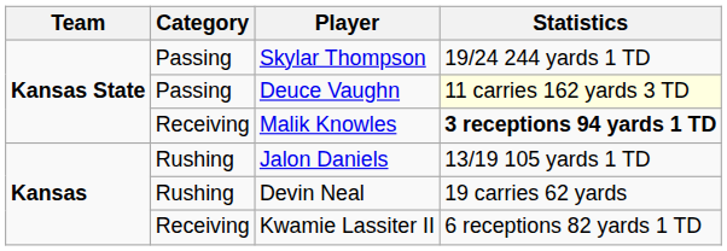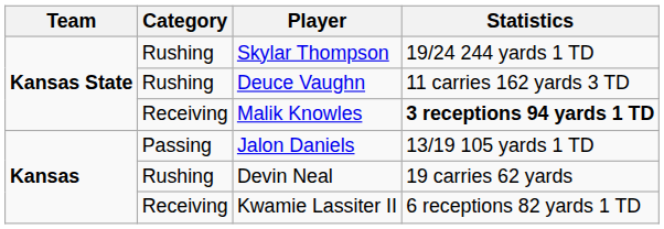 <table class="wikitable" style="float: right;">
 <tr>
 <th>Team</th>
 <th>Category</th>
 <th>Player</th>
 <th>Statistics</th>
 </tr>
 <tr>
 <td rowspan=3><strong>Kansas State</strong></td>
-<td>Passing</td>
+<td>Rushing</td>
 <td><a href='#'>Skylar Thompson</a></td>
 <td>19/24 244 yards 1 TD</td>
 </tr>
 <tr>
-<td>Passing</td>
+<td>Rushing</td>
 <td><a href='#'>Deuce Vaughn</a></td>
-<td style="background: lightyellow;">11 carries 162 yards 3 TD</td>
+<td>11 carries 162 yards 3 TD</td>
 </tr>
 <tr>
 <td>Receiving</td>
 <td><a href='#'>Malik Knowles</a></td>
 <td><strong>3 receptions 94 yards 1 TD</strong></td>
 </tr>
 <tr>
 <td rowspan=3><strong>Kansas</strong></td>
-<td>Rushing</td>
+<td>Passing</td>
 <td><a href='#'>Jalon Daniels</a></td>
 <td>13/19 105 yards 1 TD</td>
 </tr>
 <tr>
 <td>Rushing</td>
 <td>Devin Neal</td>
 <td>19 carries 62 yards</td>
 </tr>
 <tr>
 <td>Receiving</td>
 <td>Kwamie Lassiter II</td>
 <td>6 receptions 82 yards 1 TD</td>
 </tr>
 </table>
